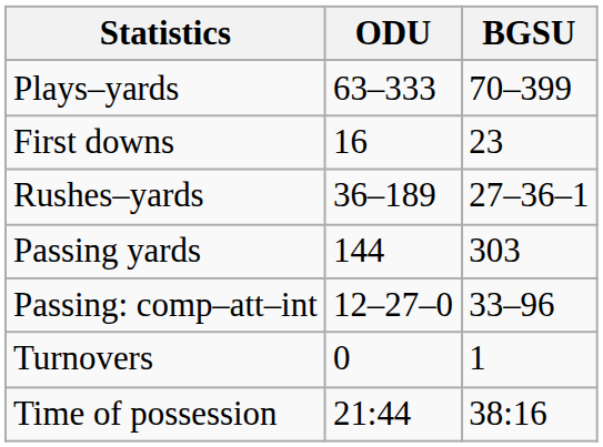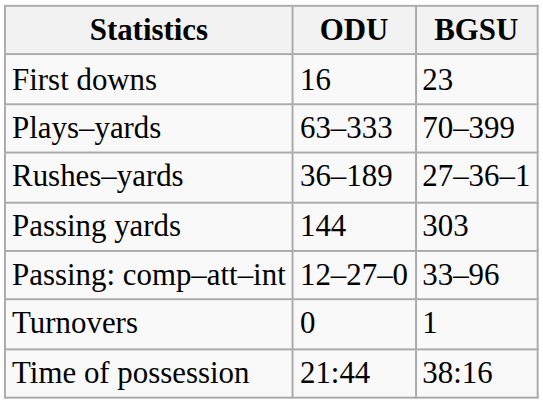 <table class="wikitable" style="float:left">
 <tr>
 <th>Statistics</th>
 <th>ODU</th>
 <th>BGSU</th>
 </tr>
 <tr>
+<td>First downs</td>
+<td>16</td>
+<td>23</td>
+</tr>
+<tr>
 <td>Plays–yards</td>
 <td>63–333</td>
 <td>70–399</td>
-</tr>
-<tr>
-<td>First downs</td>
-<td>16</td>
-<td>23</td>
 </tr>
 <tr>
 <td>Rushes–yards</td>
 <td>36–189</td>
 <td>27–36–1</td>
 </tr>
 <tr>
 <td>Passing yards</td>
 <td>144</td>
 <td>303</td>
 </tr>
 <tr>
 <td>Passing: comp–att–int</td>
 <td>12–27–0</td>
 <td>33–96</td>
 </tr>
 <tr>
 <td>Turnovers</td>
 <td>0</td>
 <td>1</td>
 </tr>
 <tr>
 <td>Time of possession</td>
 <td>21:44</td>
 <td>38:16</td>
 </tr>
 </table>
